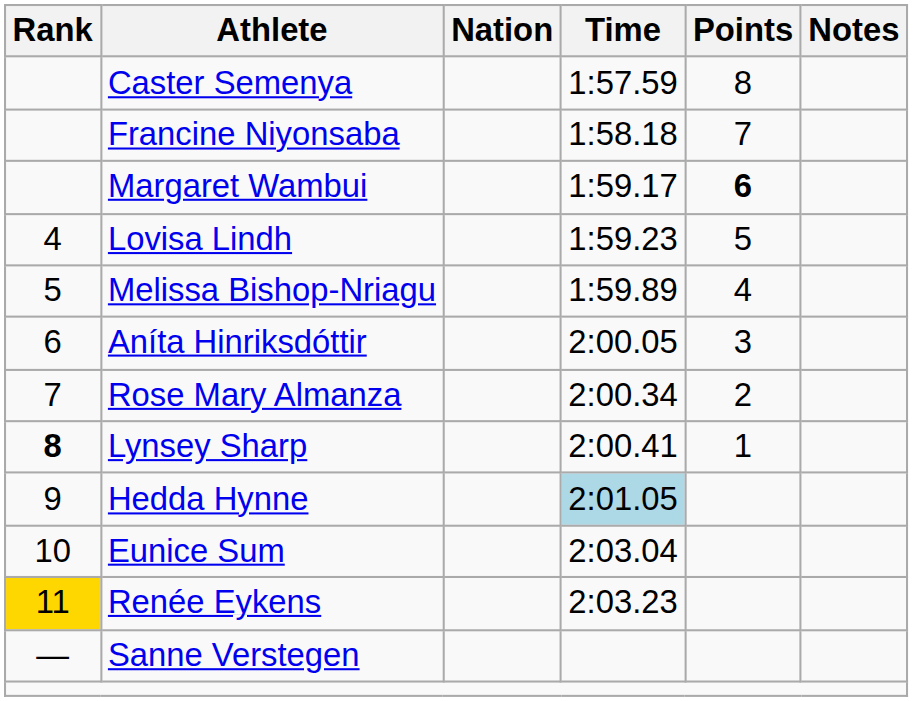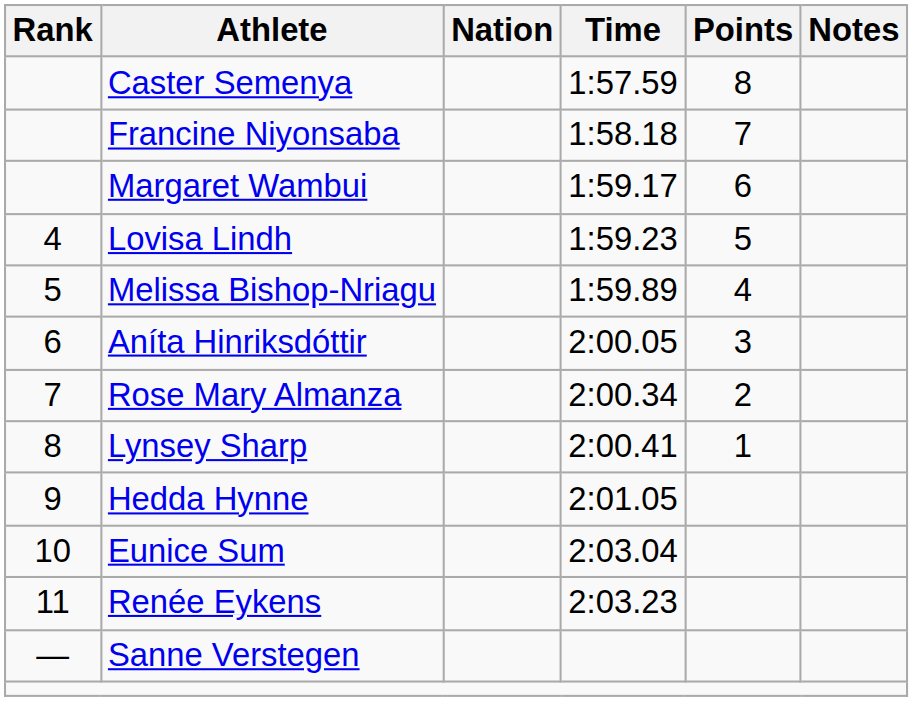 <table class="wikitable sortable" style="text-align:center;">
 <tr>
 <th scope="col" style="width: 10px;">Rank</th>
 <th scope="col">Athlete</th>
 <th scope="col">Nation</th>
 <th scope="col">Time</th>
 <th scope="col">Points</th>
 <th scope="col">Notes</th>
 </tr>
 <tr>
 <td></td>
 <td align=left><a href='#'>Caster Semenya</a></td>
 <td align=left></td>
 <td>1:57.59</td>
 <td>8</td>
 <td></td>
 </tr>
 <tr>
 <td></td>
 <td align=left><a href='#'>Francine Niyonsaba</a></td>
 <td align=left></td>
 <td>1:58.18</td>
 <td>7</td>
 <td></td>
 </tr>
 <tr>
 <td></td>
 <td align=left><a href='#'>Margaret Wambui</a></td>
 <td align=left></td>
 <td>1:59.17</td>
-<td><strong>6</strong></td>
+<td>6</td>
 <td></td>
 </tr>
 <tr>
 <td>4</td>
 <td align=left><a href='#'>Lovisa Lindh</a></td>
 <td align=left></td>
 <td>1:59.23</td>
 <td>5</td>
 <td></td>
 </tr>
 <tr>
 <td>5</td>
 <td align=left><a href='#'>Melissa Bishop-Nriagu</a></td>
 <td align=left></td>
 <td>1:59.89</td>
 <td>4</td>
 <td></td>
 </tr>
 <tr>
 <td>6</td>
 <td align=left><a href='#'>Aníta Hinriksdóttir</a></td>
 <td align=left></td>
 <td>2:00.05</td>
 <td>3</td>
 <td><strong></strong></td>
 </tr>
 <tr>
 <td>7</td>
 <td align=left><a href='#'>Rose Mary Almanza</a></td>
 <td align=left></td>
 <td>2:00.34</td>
 <td>2</td>
 <td></td>
 </tr>
 <tr>
-<td><strong>8</strong></td>
+<td>8</td>
 <td align=left><a href='#'>Lynsey Sharp</a></td>
 <td align=left></td>
 <td>2:00.41</td>
 <td>1</td>
 <td></td>
 </tr>
 <tr>
 <td>9</td>
 <td align=left><a href='#'>Hedda Hynne</a></td>
 <td align=left></td>
-<td style="background: lightblue;">2:01.05</td>
+<td>2:01.05</td>
 <td></td>
 <td></td>
 </tr>
 <tr>
 <td>10</td>
 <td align=left><a href='#'>Eunice Sum</a></td>
 <td align=left></td>
 <td>2:03.04</td>
 <td></td>
 <td></td>
 </tr>
 <tr>
-<td style="background: gold;">11</td>
+<td>11</td>
 <td align=left><a href='#'>Renée Eykens</a></td>
 <td align=left></td>
 <td>2:03.23</td>
 <td></td>
 <td></td>
 </tr>
 <tr>
 <td>—</td>
 <td align=left><a href='#'>Sanne Verstegen</a></td>
 <td align=left></td>
 <td></td>
 <td></td>
 <td></td>
 </tr>
 <tr class="sortbottom">
 <td colspan="6"></td>
 </tr>
 </table>
